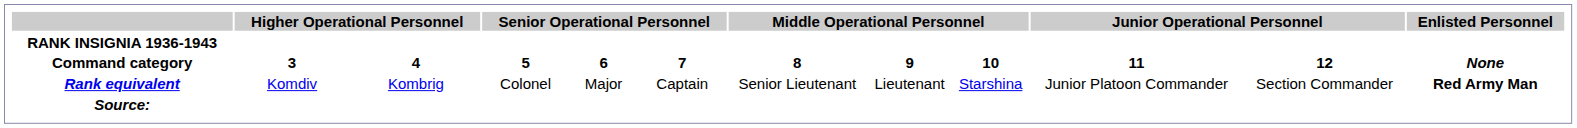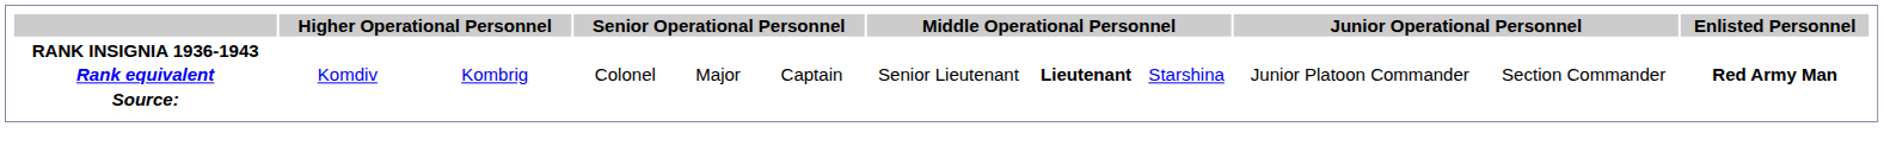 <table style="width:100%; border:1px solid #8888aa; background:#fff; padding:5px; font-size:95%; margin:0 12px 12px 0; text-align:center; ">
 <tr style="background:#ccc;">
 <th></th>
 <th colspan="2">Higher Operational Personnel</th>
 <th colspan="3">Senior Operational Personnel</th>
 <th colspan="3">Middle Operational Personnel</th>
 <th colspan="2">Junior Operational Personnel</th>
 <th colspan="1">Enlisted Personnel</th>
 </tr>
 <tr style="text-align:center;">
 <th>RANK INSIGNIA 1936-1943</th>
 <td></td>
 <td></td>
 <td></td>
 <td></td>
 <td></td>
 <td></td>
 <td></td>
 <td></td>
 <td></td>
 <td></td>
 <td></td>
 </tr>
 <tr style="text-align:center;">
-<td><strong>Command category</strong></td>
-<td><strong>3</strong></td>
-<td><strong>4</strong></td>
-<td><strong>5</strong></td>
-<td><strong>6</strong></td>
-<td><strong>7</strong></td>
-<td><strong>8</strong></td>
-<td><strong>9</strong></td>
-<td><strong>10</strong></td>
-<td><strong>11</strong></td>
-<td><strong>12</strong></td>
-<td><strong><em>None</em></strong></td>
-</tr>
-<tr style="text-align:center;">
 <th><em><a href='#'>Rank equivalent</a></em></th>
 <td><a href='#'>Komdiv</a></td>
 <td><a href='#'>Kombrig</a></td>
 <td>Colonel</td>
 <td>Major</td>
 <td>Captain</td>
 <td>Senior Lieutenant</td>
-<td>Lieutenant</td>
+<td><strong>Lieutenant</strong></td>
 <td><a href='#'>Starshina</a></td>
 <td>Junior Platoon Commander</td>
 <td>Section Commander</td>
 <td><strong>Red Army Man</strong></td>
 </tr>
 <tr>
 <td><strong><em>Source:</em></strong> </td>
 </tr>
 <tr>
 </tr>
 </table>
